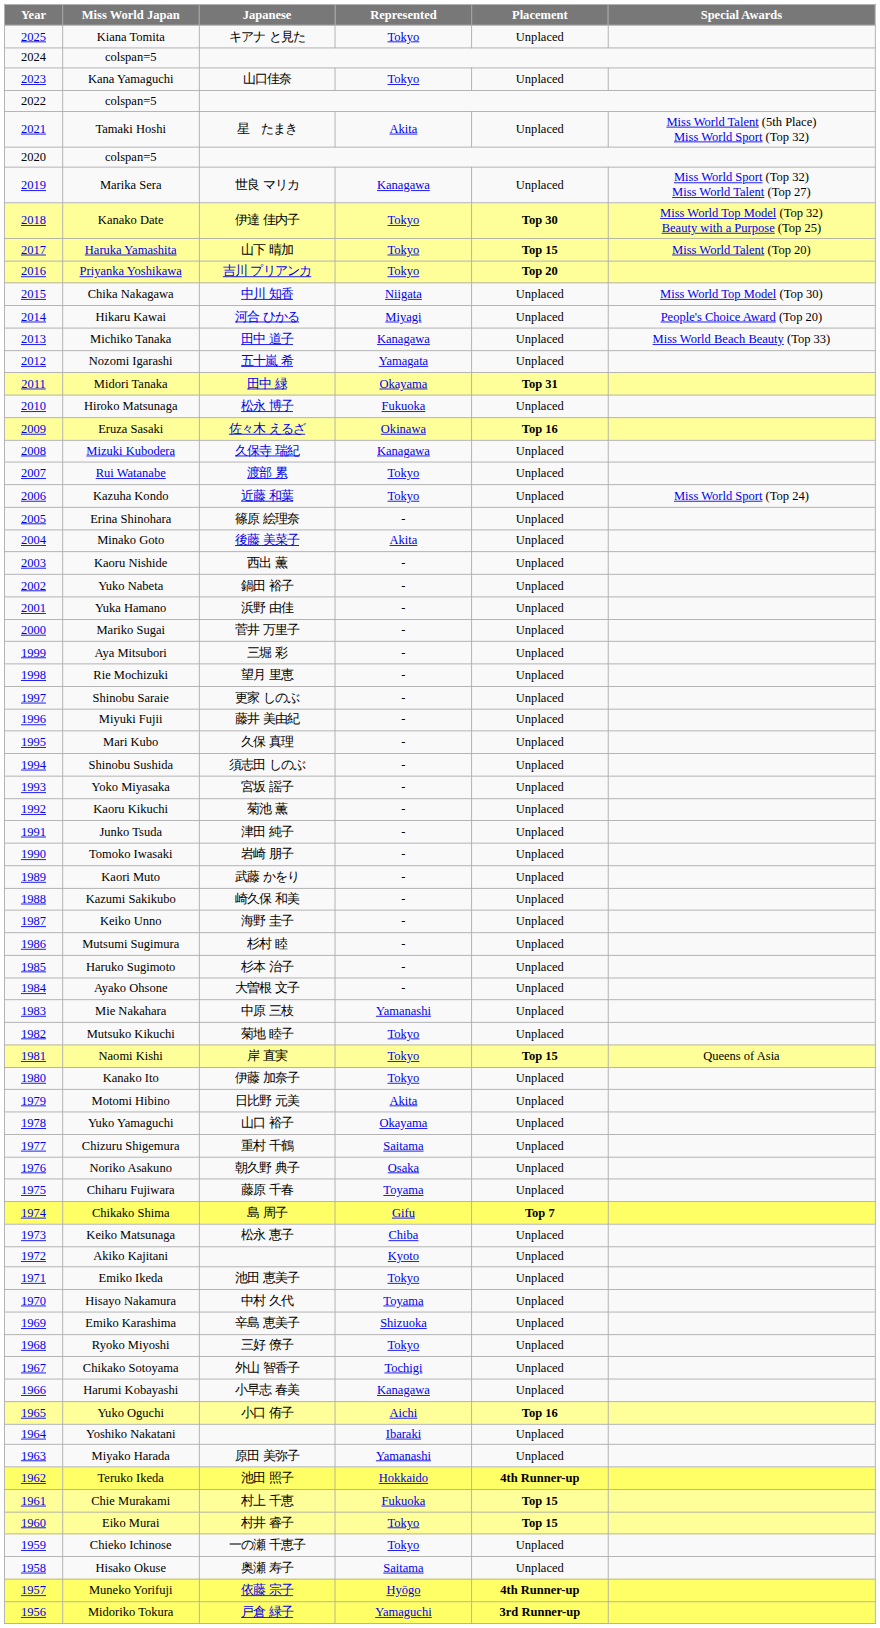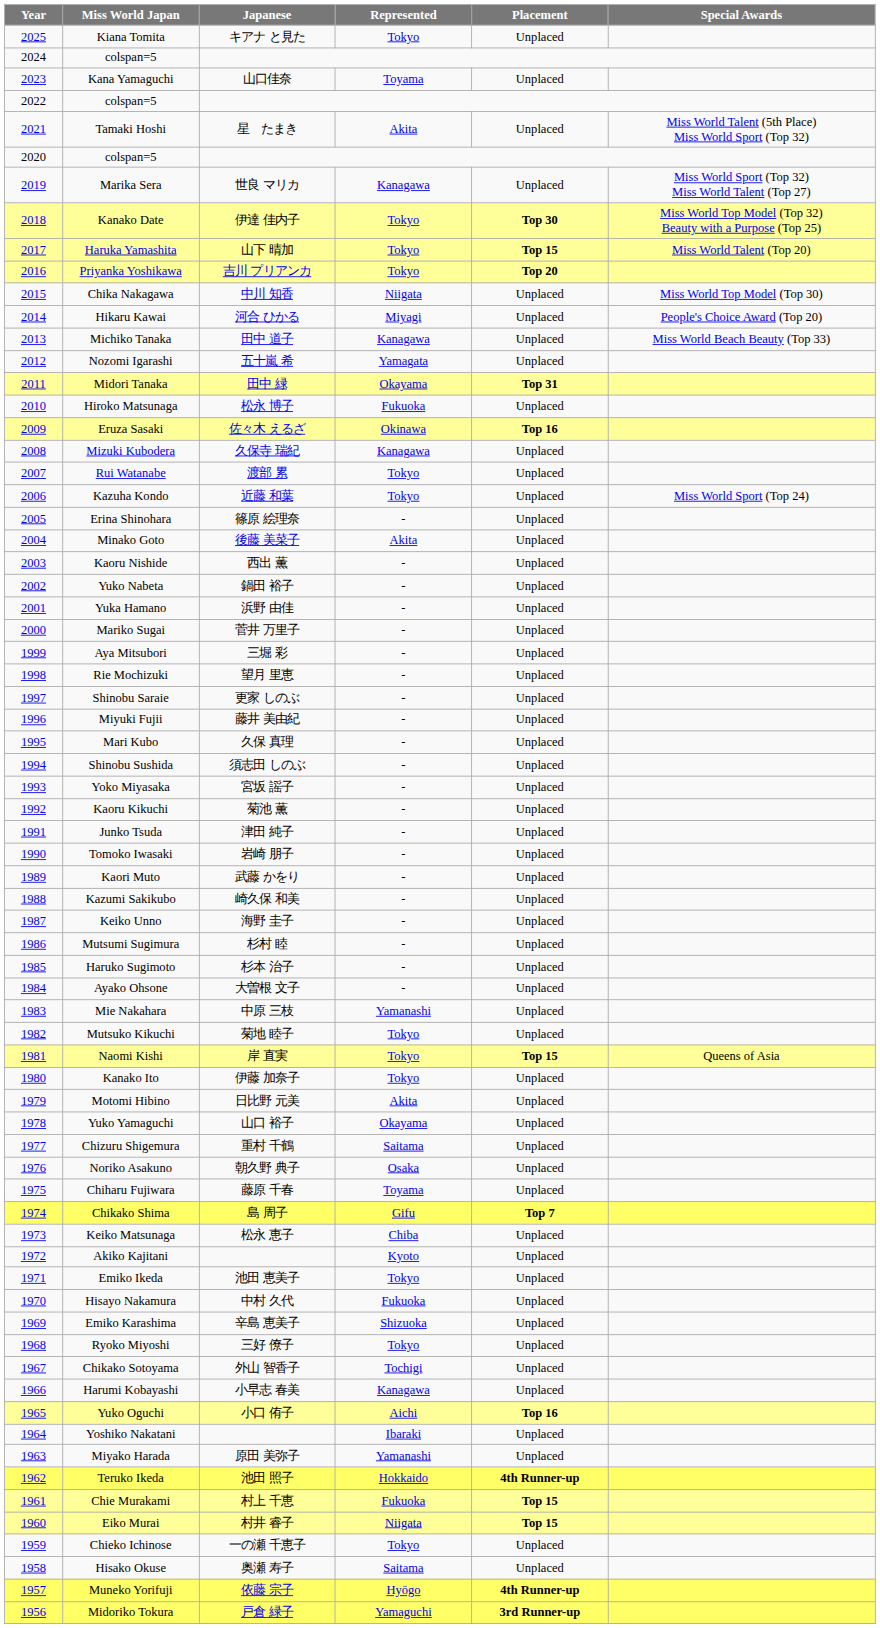 <table class="wikitable sortable" style="font-size: 90%; text-align:center">
 <tr>
 <th width="60" style="background-color:#787878;color:#FFFFFF;">Year</th>
 <th width="150" style="background-color:#787878;color:#FFFFFF;">Miss World Japan</th>
 <th width="150" style="background-color:#787878;color:#FFFFFF;">Japanese</th>
 <th width="150" style="background-color:#787878;color:#FFFFFF;">Represented</th>
 <th width="150" style="background-color:#787878;color:#FFFFFF;">Placement</th>
 <th width="300" style="background-color:#787878;color:#FFFFFF;">Special Awards</th>
 </tr>
 <tr>
 <td><a href='#'>2025</a></td>
 <td>Kiana Tomita</td>
 <td>キアナ と見た</td>
 <td><a href='#'>Tokyo</a></td>
 <td>Unplaced</td>
 <td></td>
 </tr>
 <tr>
 <td>2024</td>
 <td>colspan=5 </td>
 </tr>
 <tr>
 <td><a href='#'>2023</a></td>
 <td>Kana Yamaguchi</td>
 <td>山口佳奈</td>
-<td><a href='#'>Tokyo</a></td>
+<td><a href='#'>Toyama</a></td>
 <td>Unplaced</td>
 <td></td>
 </tr>
 <tr>
 <td>2022</td>
 <td>colspan=5 </td>
 </tr>
 <tr>
 <td><a href='#'>2021</a></td>
 <td>Tamaki Hoshi</td>
 <td>星　たまき</td>
 <td><a href='#'>Akita</a></td>
 <td>Unplaced</td>
 <td><a href='#'>Miss World Talent</a> (5th Place)<br> <a href='#'>Miss World Sport</a> (Top 32)</td>
 </tr>
 <tr>
 <td>2020</td>
 <td>colspan=5 </td>
 </tr>
 <tr>
 <td><a href='#'>2019</a></td>
 <td>Marika Sera</td>
 <td>世良 マリカ</td>
 <td><a href='#'>Kanagawa</a></td>
 <td>Unplaced</td>
 <td><a href='#'>Miss World Sport</a> (Top 32)<br><a href='#'>Miss World Talent</a> (Top 27)</td>
 </tr>
 <tr style="background:#FFFF99;">
 <td><a href='#'>2018</a></td>
 <td>Kanako Date</td>
 <td>伊達 佳内子</td>
 <td><a href='#'>Tokyo</a></td>
 <td><strong>Top 30</strong></td>
 <td><a href='#'>Miss World Top Model</a> (Top 32)<br><a href='#'>Beauty with a Purpose</a> (Top 25)</td>
 </tr>
 <tr style="background:#FFFF99;">
 <td><a href='#'>2017</a></td>
 <td><a href='#'>Haruka Yamashita</a></td>
 <td>山下 晴加</td>
 <td><a href='#'>Tokyo</a></td>
 <td><strong>Top 15</strong></td>
 <td><a href='#'>Miss World Talent</a> (Top 20)</td>
 </tr>
 <tr style="background:#FFFF99;">
 <td><a href='#'>2016</a></td>
 <td><a href='#'>Priyanka Yoshikawa</a></td>
 <td><a href='#'>吉川 プリアンカ</a></td>
 <td><a href='#'>Tokyo</a></td>
 <td><strong>Top 20</strong></td>
 <td></td>
 </tr>
 <tr>
 <td><a href='#'>2015</a></td>
 <td>Chika Nakagawa</td>
 <td><a href='#'>中川 知香</a></td>
 <td><a href='#'>Niigata</a></td>
 <td>Unplaced</td>
 <td><a href='#'>Miss World Top Model</a> (Top 30)</td>
 </tr>
 <tr>
 <td><a href='#'>2014</a></td>
 <td>Hikaru Kawai</td>
 <td><a href='#'>河合 ひかる</a></td>
 <td><a href='#'>Miyagi</a></td>
 <td>Unplaced</td>
 <td><a href='#'>People's Choice Award</a> (Top 20)</td>
 </tr>
 <tr>
 <td><a href='#'>2013</a></td>
 <td>Michiko Tanaka</td>
 <td><a href='#'>田中 道子</a></td>
 <td><a href='#'>Kanagawa</a></td>
 <td>Unplaced</td>
 <td><a href='#'>Miss World Beach Beauty</a> (Top 33)</td>
 </tr>
 <tr>
 <td><a href='#'>2012</a></td>
 <td>Nozomi Igarashi</td>
 <td><a href='#'>五十嵐 希</a></td>
 <td><a href='#'>Yamagata</a></td>
 <td>Unplaced</td>
 <td></td>
 </tr>
 <tr style="background:#FFFF99;">
 <td><a href='#'>2011</a></td>
 <td>Midori Tanaka</td>
 <td><a href='#'>田中 緑</a></td>
 <td><a href='#'>Okayama</a></td>
 <td><strong>Top 31</strong></td>
 <td></td>
 </tr>
 <tr>
 <td><a href='#'>2010</a></td>
 <td>Hiroko Matsunaga</td>
 <td><a href='#'>松永 博子</a></td>
 <td><a href='#'>Fukuoka</a></td>
 <td>Unplaced</td>
 <td></td>
 </tr>
 <tr style="background:#FFFF99;">
 <td><a href='#'>2009</a></td>
 <td>Eruza Sasaki</td>
 <td><a href='#'>佐々木 えるざ</a></td>
 <td><a href='#'>Okinawa</a></td>
 <td><strong>Top 16</strong></td>
 <td></td>
 </tr>
 <tr>
 <td><a href='#'>2008</a></td>
 <td><a href='#'>Mizuki Kubodera</a></td>
 <td><a href='#'>久保寺 瑞紀</a></td>
 <td><a href='#'>Kanagawa</a></td>
 <td>Unplaced</td>
 <td></td>
 </tr>
 <tr>
 <td><a href='#'>2007</a></td>
 <td><a href='#'>Rui Watanabe</a></td>
 <td><a href='#'>渡部 累</a></td>
 <td><a href='#'>Tokyo</a></td>
 <td>Unplaced</td>
 <td></td>
 </tr>
 <tr>
 <td><a href='#'>2006</a></td>
 <td>Kazuha Kondo</td>
 <td><a href='#'>近藤 和葉</a></td>
 <td><a href='#'>Tokyo</a></td>
 <td>Unplaced</td>
 <td><a href='#'>Miss World Sport</a> (Top 24)</td>
 </tr>
 <tr>
 <td><a href='#'>2005</a></td>
 <td>Erina Shinohara</td>
 <td>篠原 絵理奈</td>
 <td>-</td>
 <td>Unplaced</td>
 <td></td>
 </tr>
 <tr>
 <td><a href='#'>2004</a></td>
 <td>Minako Goto</td>
 <td><a href='#'>後藤 美菜子</a></td>
 <td><a href='#'>Akita</a></td>
 <td>Unplaced</td>
 <td></td>
 </tr>
 <tr>
 <td><a href='#'>2003</a></td>
 <td>Kaoru Nishide</td>
 <td>西出 薫</td>
 <td>-</td>
 <td>Unplaced</td>
 <td></td>
 </tr>
 <tr>
 <td><a href='#'>2002</a></td>
 <td>Yuko Nabeta</td>
 <td>鍋田 裕子</td>
 <td>-</td>
 <td>Unplaced</td>
 <td></td>
 </tr>
 <tr>
 <td><a href='#'>2001</a></td>
 <td>Yuka Hamano</td>
 <td>浜野 由佳</td>
 <td>-</td>
 <td>Unplaced</td>
 <td></td>
 </tr>
 <tr>
 <td><a href='#'>2000</a></td>
 <td>Mariko Sugai</td>
 <td>菅井 万里子</td>
 <td>-</td>
 <td>Unplaced</td>
 <td></td>
 </tr>
 <tr>
 <td><a href='#'>1999</a></td>
 <td>Aya Mitsubori</td>
 <td>三堀 彩</td>
 <td>-</td>
 <td>Unplaced</td>
 <td></td>
 </tr>
 <tr>
 <td><a href='#'>1998</a></td>
 <td>Rie Mochizuki</td>
 <td>望月 里恵</td>
 <td>-</td>
 <td>Unplaced</td>
 <td></td>
 </tr>
 <tr>
 <td><a href='#'>1997</a></td>
 <td>Shinobu Saraie</td>
 <td>更家 しのぶ</td>
 <td>-</td>
 <td>Unplaced</td>
 <td></td>
 </tr>
 <tr>
 <td><a href='#'>1996</a></td>
 <td>Miyuki Fujii</td>
 <td>藤井 美由紀</td>
 <td>-</td>
 <td>Unplaced</td>
 <td></td>
 </tr>
 <tr>
 <td><a href='#'>1995</a></td>
 <td>Mari Kubo</td>
 <td>久保 真理</td>
 <td>-</td>
 <td>Unplaced</td>
 <td></td>
 </tr>
 <tr>
 <td><a href='#'>1994</a></td>
 <td>Shinobu Sushida</td>
 <td>須志田 しのぶ</td>
 <td>-</td>
 <td>Unplaced</td>
 <td></td>
 </tr>
 <tr>
 <td><a href='#'>1993</a></td>
 <td>Yoko Miyasaka</td>
 <td>宮坂 謡子</td>
 <td>-</td>
 <td>Unplaced</td>
 <td></td>
 </tr>
 <tr>
 <td><a href='#'>1992</a></td>
 <td>Kaoru Kikuchi</td>
 <td>菊池 薫</td>
 <td>-</td>
 <td>Unplaced</td>
 <td></td>
 </tr>
 <tr>
 <td><a href='#'>1991</a></td>
 <td>Junko Tsuda</td>
 <td>津田 純子</td>
 <td>-</td>
 <td>Unplaced</td>
 <td></td>
 </tr>
 <tr>
 <td><a href='#'>1990</a></td>
 <td>Tomoko Iwasaki</td>
 <td>岩崎 朋子</td>
 <td>-</td>
 <td>Unplaced</td>
 <td></td>
 </tr>
 <tr>
 <td><a href='#'>1989</a></td>
 <td>Kaori Muto</td>
 <td>武藤 かをり</td>
 <td>-</td>
 <td>Unplaced</td>
 <td></td>
 </tr>
 <tr>
 <td><a href='#'>1988</a></td>
 <td>Kazumi Sakikubo</td>
 <td>崎久保 和美</td>
 <td>-</td>
 <td>Unplaced</td>
 <td></td>
 </tr>
 <tr>
 <td><a href='#'>1987</a></td>
 <td>Keiko Unno</td>
 <td>海野 圭子</td>
 <td>-</td>
 <td>Unplaced</td>
 <td></td>
 </tr>
 <tr>
 <td><a href='#'>1986</a></td>
 <td>Mutsumi Sugimura</td>
 <td>杉村 睦</td>
 <td>-</td>
 <td>Unplaced</td>
 <td></td>
 </tr>
 <tr>
 <td><a href='#'>1985</a></td>
 <td>Haruko Sugimoto</td>
 <td>杉本 治子</td>
 <td>-</td>
 <td>Unplaced</td>
 <td></td>
 </tr>
 <tr>
 <td><a href='#'>1984</a></td>
 <td>Ayako Ohsone</td>
 <td>大曽根 文子</td>
 <td>-</td>
 <td>Unplaced</td>
 <td></td>
 </tr>
 <tr>
 <td><a href='#'>1983</a></td>
 <td>Mie Nakahara</td>
 <td>中原 三枝</td>
 <td><a href='#'>Yamanashi</a></td>
 <td>Unplaced</td>
 <td></td>
 </tr>
 <tr>
 <td><a href='#'>1982</a></td>
 <td>Mutsuko Kikuchi</td>
 <td>菊地 睦子</td>
 <td><a href='#'>Tokyo</a></td>
 <td>Unplaced</td>
 <td></td>
 </tr>
 <tr style="background:#FFFF99;">
 <td><a href='#'>1981</a></td>
 <td>Naomi Kishi</td>
 <td>岸 直実</td>
 <td><a href='#'>Tokyo</a></td>
 <td><strong>Top 15</strong></td>
 <td>Queens of Asia</td>
 </tr>
 <tr>
 <td><a href='#'>1980</a></td>
 <td>Kanako Ito</td>
 <td>伊藤 加奈子</td>
 <td><a href='#'>Tokyo</a></td>
 <td>Unplaced</td>
 <td></td>
 </tr>
 <tr>
 <td><a href='#'>1979</a></td>
 <td>Motomi Hibino</td>
 <td>日比野 元美</td>
 <td><a href='#'>Akita</a></td>
 <td>Unplaced</td>
 <td></td>
 </tr>
 <tr>
 <td><a href='#'>1978</a></td>
 <td>Yuko Yamaguchi</td>
 <td>山口 裕子</td>
 <td><a href='#'>Okayama</a></td>
 <td>Unplaced</td>
 <td></td>
 </tr>
 <tr>
 <td><a href='#'>1977</a></td>
 <td>Chizuru Shigemura</td>
 <td>重村 千鶴</td>
 <td><a href='#'>Saitama</a></td>
 <td>Unplaced</td>
 <td></td>
 </tr>
 <tr>
 <td><a href='#'>1976</a></td>
 <td>Noriko Asakuno</td>
 <td>朝久野 典子</td>
 <td><a href='#'>Osaka</a></td>
 <td>Unplaced</td>
 <td></td>
 </tr>
 <tr>
 <td><a href='#'>1975</a></td>
 <td>Chiharu Fujiwara</td>
 <td>藤原 千春</td>
 <td><a href='#'>Toyama</a></td>
 <td>Unplaced</td>
 <td></td>
 </tr>
 <tr style="background:#FFFF66;">
 <td><a href='#'>1974</a></td>
 <td>Chikako Shima</td>
 <td>島 周子</td>
 <td><a href='#'>Gifu</a></td>
 <td><strong>Top 7</strong></td>
 <td></td>
 </tr>
 <tr>
 <td><a href='#'>1973</a></td>
 <td>Keiko Matsunaga</td>
 <td>松永 恵子</td>
 <td><a href='#'>Chiba</a></td>
 <td>Unplaced</td>
 <td></td>
 </tr>
 <tr>
 <td><a href='#'>1972</a></td>
 <td>Akiko Kajitani</td>
 <td></td>
 <td><a href='#'>Kyoto</a></td>
 <td>Unplaced</td>
 <td></td>
 </tr>
 <tr>
 <td><a href='#'>1971</a></td>
 <td>Emiko Ikeda</td>
 <td>池田 恵美子</td>
 <td><a href='#'>Tokyo</a></td>
 <td>Unplaced</td>
 <td></td>
 </tr>
 <tr>
 <td><a href='#'>1970</a></td>
 <td>Hisayo Nakamura</td>
 <td>中村 久代</td>
-<td><a href='#'>Toyama</a></td>
+<td><a href='#'>Fukuoka</a></td>
 <td>Unplaced</td>
 <td></td>
 </tr>
 <tr>
 <td><a href='#'>1969</a></td>
 <td>Emiko Karashima</td>
 <td>辛島 恵美子</td>
 <td><a href='#'>Shizuoka</a></td>
 <td>Unplaced</td>
 <td></td>
 </tr>
 <tr>
 <td><a href='#'>1968</a></td>
 <td>Ryoko Miyoshi</td>
 <td>三好 僚子</td>
 <td><a href='#'>Tokyo</a></td>
 <td>Unplaced</td>
 <td></td>
 </tr>
 <tr>
 <td><a href='#'>1967</a></td>
 <td>Chikako Sotoyama</td>
 <td>外山 智香子</td>
 <td><a href='#'>Tochigi</a></td>
 <td>Unplaced</td>
 <td></td>
 </tr>
 <tr>
 <td><a href='#'>1966</a></td>
 <td>Harumi Kobayashi</td>
 <td>小早志 春美</td>
 <td><a href='#'>Kanagawa</a></td>
 <td>Unplaced</td>
 <td></td>
 </tr>
 <tr style="background:#FFFF99;">
 <td><a href='#'>1965</a></td>
 <td>Yuko Oguchi</td>
 <td>小口 侑子</td>
 <td><a href='#'>Aichi</a></td>
 <td><strong>Top 16</strong></td>
 <td></td>
 </tr>
 <tr>
 <td><a href='#'>1964</a></td>
 <td>Yoshiko Nakatani</td>
 <td></td>
 <td><a href='#'>Ibaraki</a></td>
 <td>Unplaced</td>
 <td></td>
 </tr>
 <tr>
 <td><a href='#'>1963</a></td>
 <td>Miyako Harada</td>
 <td>原田 美弥子</td>
 <td><a href='#'>Yamanashi</a></td>
 <td>Unplaced</td>
 <td></td>
 </tr>
 <tr style="background-color:#FFFF66;">
 <td><a href='#'>1962</a></td>
 <td>Teruko Ikeda</td>
 <td>池田 照子</td>
 <td><a href='#'>Hokkaido</a></td>
 <td><strong>4th Runner-up</strong></td>
 <td></td>
 </tr>
 <tr style="background:#FFFF99;">
 <td><a href='#'>1961</a></td>
 <td>Chie Murakami</td>
 <td>村上 千恵</td>
 <td><a href='#'>Fukuoka</a></td>
 <td><strong>Top 15</strong></td>
 <td></td>
 </tr>
 <tr style="background:#FFFF99;">
 <td><a href='#'>1960</a></td>
 <td>Eiko Murai</td>
 <td>村井 睿子</td>
-<td><a href='#'>Tokyo</a></td>
+<td><a href='#'>Niigata</a></td>
 <td><strong>Top 15</strong></td>
 <td></td>
 </tr>
 <tr>
 <td><a href='#'>1959</a></td>
 <td>Chieko Ichinose</td>
 <td>一の瀬 千恵子</td>
 <td><a href='#'>Tokyo</a></td>
 <td>Unplaced</td>
 <td></td>
 </tr>
 <tr>
 <td><a href='#'>1958</a></td>
 <td>Hisako Okuse</td>
 <td>奥瀬 寿子</td>
 <td><a href='#'>Saitama</a></td>
 <td>Unplaced</td>
 <td></td>
 </tr>
 <tr style="background-color:#FFFF66;">
 <td><a href='#'>1957</a></td>
 <td>Muneko Yorifuji</td>
 <td><a href='#'>依藤 宗子</a></td>
 <td><a href='#'>Hyōgo</a></td>
 <td><strong>4th Runner-up</strong></td>
 <td></td>
 </tr>
 <tr style="background-color:#FFFF66;">
 <td><a href='#'>1956</a></td>
 <td>Midoriko Tokura</td>
 <td><a href='#'>戸倉 緑子</a></td>
 <td><a href='#'>Yamaguchi</a></td>
 <td><strong>3rd Runner-up</strong></td>
 <td></td>
 </tr>
 </table>
